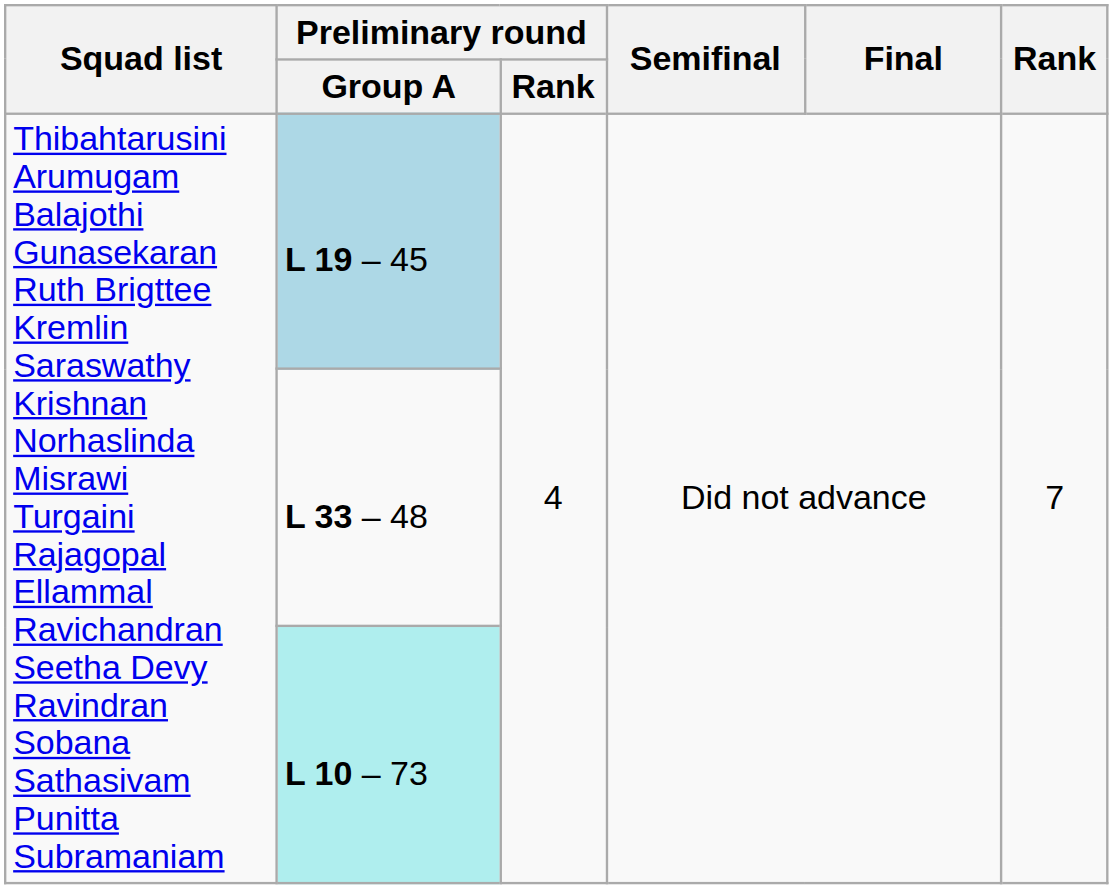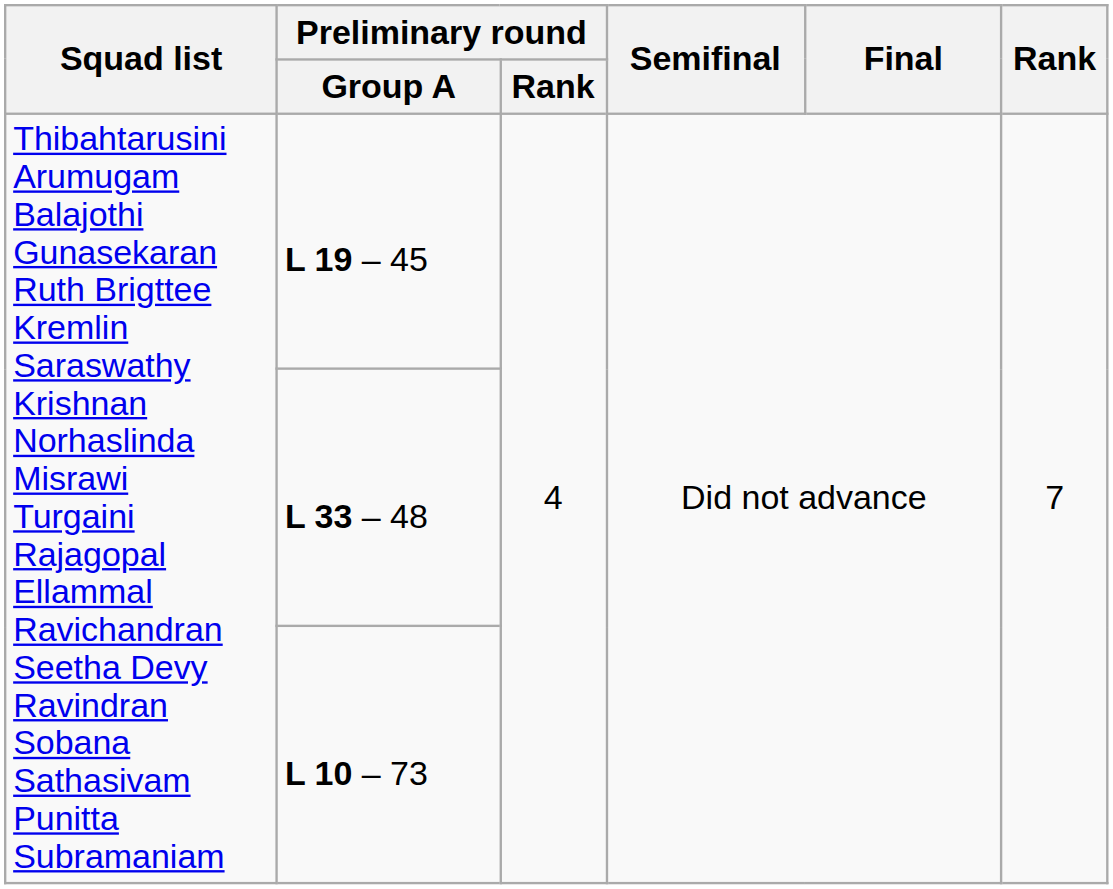 <table class="wikitable" width="75%" style="text-align:center; font-size:90%">
 <tr>
 <th rowspan=2 width="20%">Squad list</th>
 <th colspan=2 width="20%">Preliminary round</th>
 <th rowspan=2 width="15%">Semifinal</th>
 <th rowspan=2 width="15%">Final</th>
 <th rowspan=2 width="3%">Rank</th>
 </tr>
 <tr>
 <th width="17%">Group A</th>
 <th width="3%">Rank</th>
 </tr>
 <tr>
 <td rowspan="3" align="left"><a href='#'>Thibahtarusini Arumugam</a><br><a href='#'>Balajothi Gunasekaran</a><br><a href='#'>Ruth Brigttee Kremlin</a><br><a href='#'>Saraswathy Krishnan</a><br><a href='#'>Norhaslinda Misrawi</a><br><a href='#'>Turgaini Rajagopal</a><br><a href='#'>Ellammal Ravichandran</a><br><a href='#'>Seetha Devy Ravindran</a><br><a href='#'>Sobana Sathasivam</a><br><a href='#'>Punitta Subramaniam</a></td>
-<td align="left" style="background: lightblue;"><br><strong>L 19</strong> – 45</td>
+<td align="left"><br><strong>L 19</strong> – 45</td>
 <td rowspan=3>4</td>
 <td rowspan=3 colspan=2>Did not advance</td>
 <td rowspan=3>7</td>
 </tr>
 <tr>
 <td align="left"><br><strong>L 33</strong> – 48</td>
 </tr>
 <tr>
-<td align="left" style="background: paleturquoise;"><br><strong>L 10</strong> – 73</td>
+<td align="left"><br><strong>L 10</strong> – 73</td>
 </tr>
 </table>
